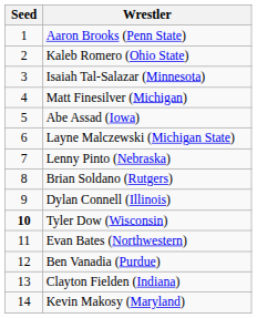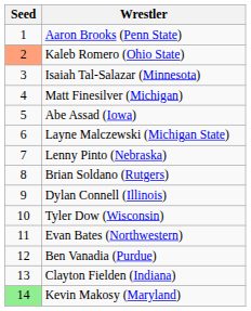 <table class="wikitable" style="text-align: center;">
 <tr>
 <th width="40">Seed</th>
 <th width="250">Wrestler</th>
 </tr>
 <tr>
 <td>1</td>
 <td align="left"><a href='#'>Aaron Brooks</a> (<a href='#'>Penn State</a>)</td>
 </tr>
 <tr>
-<td>2</td>
+<td style="background: lightsalmon;">2</td>
 <td align="left">Kaleb Romero (<a href='#'>Ohio State</a>)</td>
 </tr>
 <tr>
 <td>3</td>
 <td align="left">Isaiah Tal-Salazar (<a href='#'>Minnesota</a>)</td>
 </tr>
 <tr>
 <td>4</td>
 <td align="left">Matt Finesilver (<a href='#'>Michigan</a>)</td>
 </tr>
 <tr>
 <td>5</td>
 <td align="left">Abe Assad (<a href='#'>Iowa</a>)</td>
 </tr>
 <tr>
 <td>6</td>
 <td align="left">Layne Malczewski (<a href='#'>Michigan State</a>)</td>
 </tr>
 <tr>
 <td>7</td>
 <td align="left">Lenny Pinto (<a href='#'>Nebraska</a>)</td>
 </tr>
 <tr>
 <td>8</td>
 <td align="left">Brian Soldano (<a href='#'>Rutgers</a>)</td>
 </tr>
 <tr>
 <td>9</td>
 <td align="left">Dylan Connell (<a href='#'>Illinois</a>)</td>
 </tr>
 <tr>
-<td><strong>10</strong></td>
+<td>10</td>
 <td align="left">Tyler Dow (<a href='#'>Wisconsin</a>)</td>
 </tr>
 <tr>
 <td>11</td>
 <td align="left">Evan Bates (<a href='#'>Northwestern</a>)</td>
 </tr>
 <tr>
 <td>12</td>
 <td align="left">Ben Vanadia (<a href='#'>Purdue</a>)</td>
 </tr>
 <tr>
 <td>13</td>
 <td align="left">Clayton Fielden (<a href='#'>Indiana</a>)</td>
 </tr>
 <tr>
-<td>14</td>
+<td style="background: lightgreen;">14</td>
 <td align="left">Kevin Makosy (<a href='#'>Maryland</a>)</td>
 </tr>
 </table>
